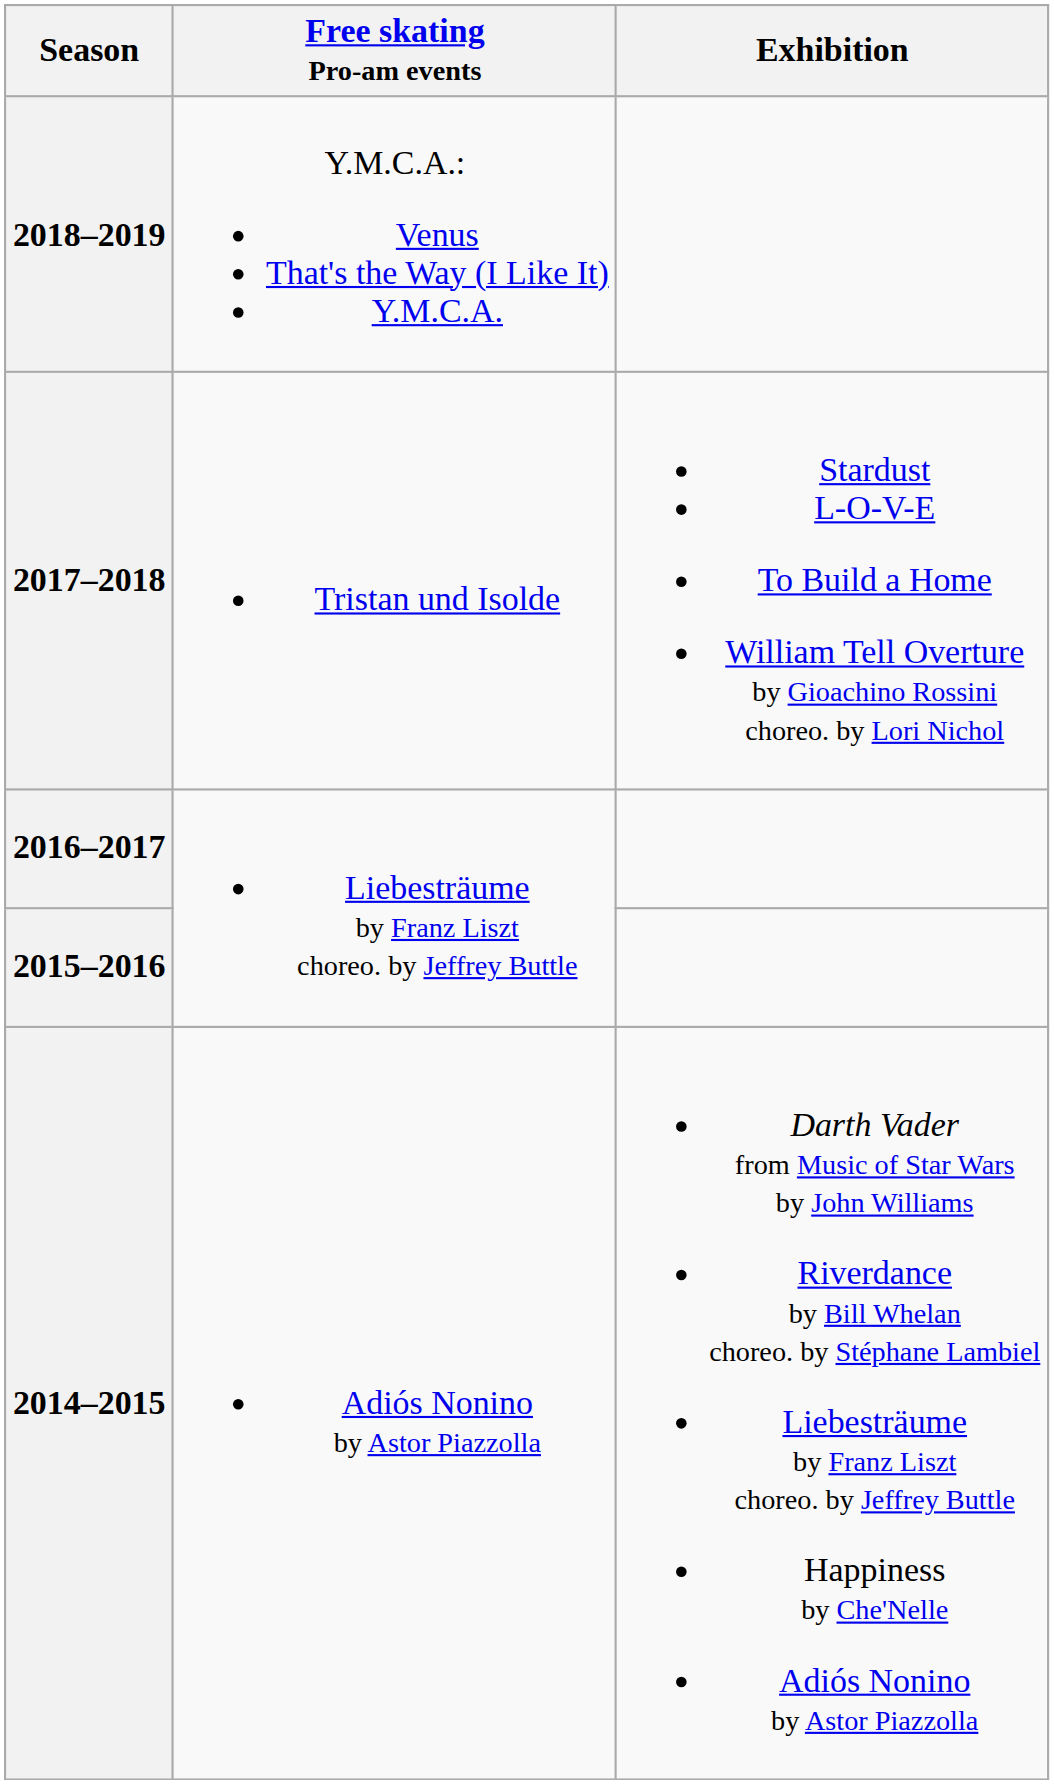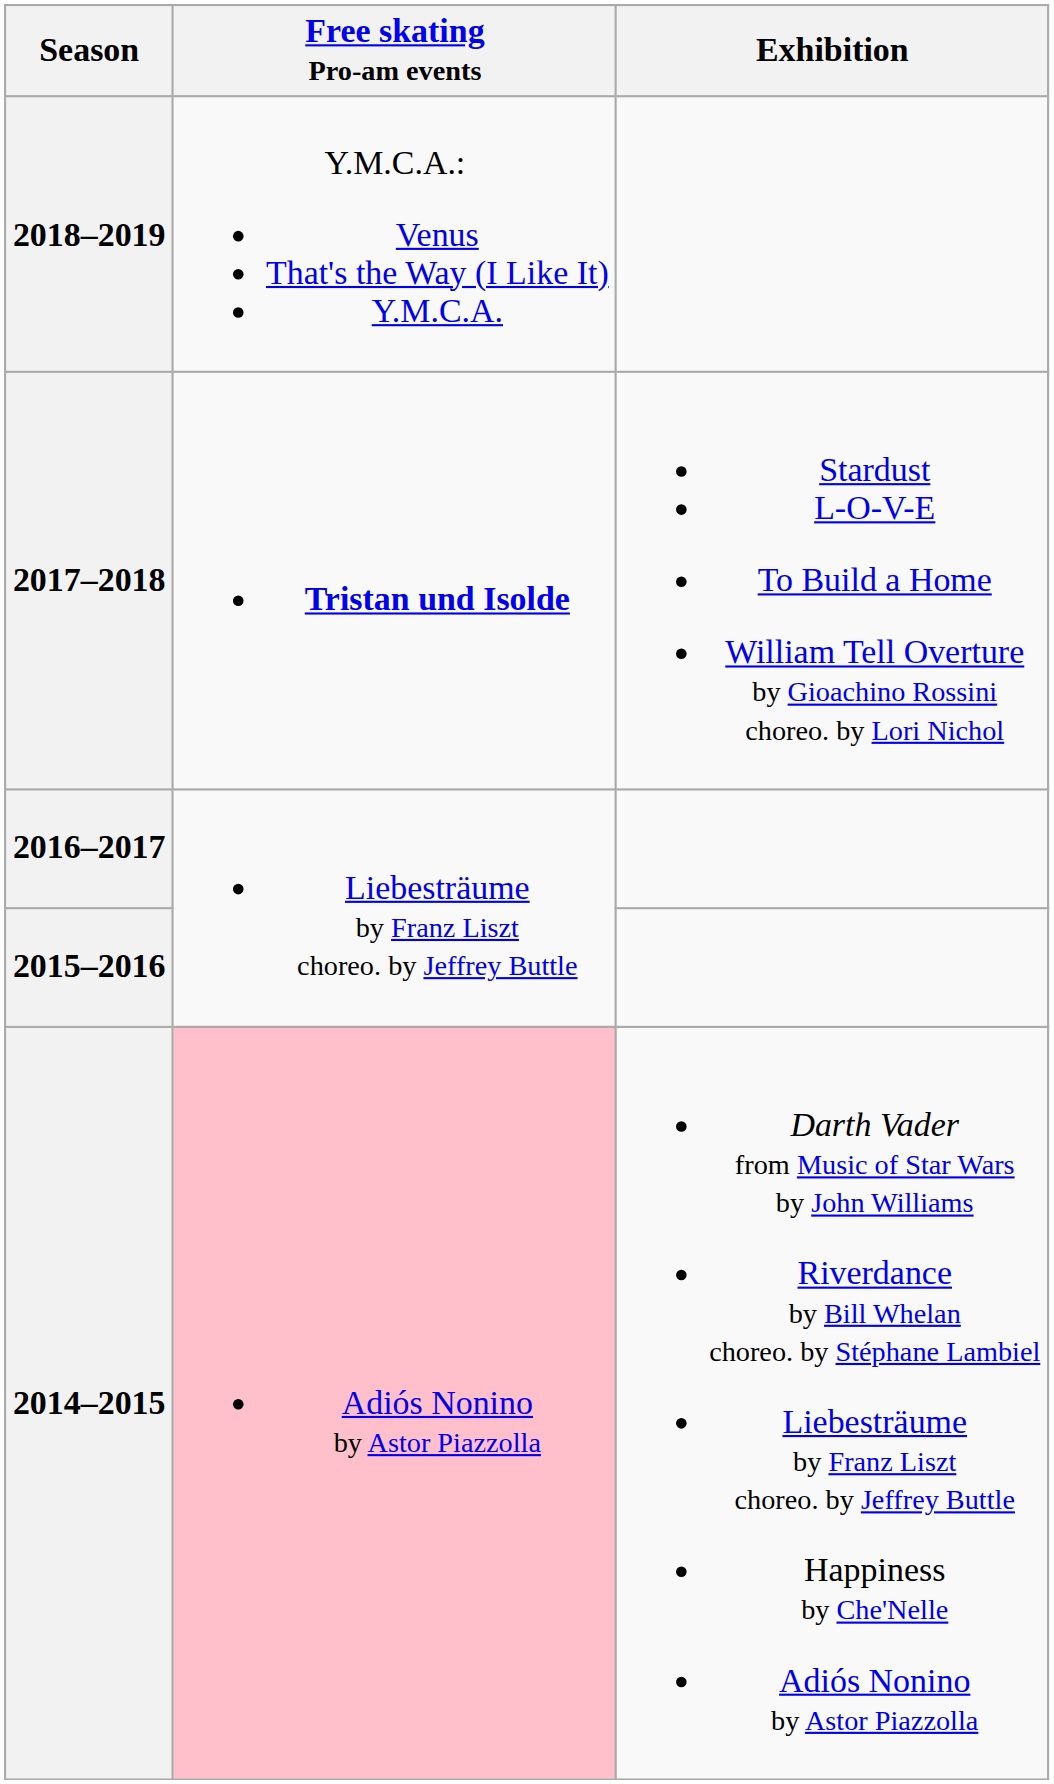 <table class="wikitable" style="text-align:center">
 <tr>
 <th>Season</th>
 <th><a href='#'>Free skating</a> <br><small>Pro-am events</small></th>
 <th>Exhibition</th>
 </tr>
 <tr>
 <th>2018–2019 <br> </th>
 <td><br>Y.M.C.A.:<ul><li><a href='#'>Venus</a> <br> </li><li><a href='#'>That's the Way (I Like It)</a> <br> </li><li><a href='#'>Y.M.C.A.</a> <br> </li></ul></td>
 <td></td>
 </tr>
 <tr>
 <th>2017–2018 <br> </th>
-<td><br><ul><li><a href='#'>Tristan und Isolde</a> <br> </li></ul></td>
+<td><strong><br><ul><li><a href='#'>Tristan und Isolde</a> <br> </li></ul></strong></td>
 <td><br><ul><li><a href='#'>Stardust</a></li><li><a href='#'>L-O-V-E</a> <br> </li></ul><ul><li><a href='#'>To Build a Home</a> <br> </li></ul><ul><li><a href='#'>William Tell Overture</a> <br><small> by <a href='#'>Gioachino Rossini</a> <br>choreo. by <a href='#'>Lori Nichol</a> </small></li></ul></td>
 </tr>
 <tr>
 <th>2016–2017 <br> </th>
 <td rowspan=2><br><ul><li><a href='#'>Liebesträume</a> <br> <small> by <a href='#'>Franz Liszt</a> <br> choreo. by <a href='#'>Jeffrey Buttle</a> </small></li></ul></td>
 <td></td>
 </tr>
 <tr>
 <th>2015–2016 <br> </th>
 <td></td>
 </tr>
 <tr>
 <th>2014–2015 <br> </th>
-<td><br><ul><li><a href='#'>Adiós Nonino</a> <br> <small>by <a href='#'>Astor Piazzolla</a></small></li></ul></td>
+<td style="background: pink;"><br><ul><li><a href='#'>Adiós Nonino</a> <br> <small>by <a href='#'>Astor Piazzolla</a></small></li></ul></td>
 <td><br><ul><li><em>Darth Vader</em>  <br> <small> from <a href='#'>Music of Star Wars</a> <br> by <a href='#'>John Williams</a> </small></li></ul><ul><li><a href='#'>Riverdance</a> <br> <small> by <a href='#'>Bill Whelan</a> <br> choreo. by <a href='#'>Stéphane Lambiel</a></small></li></ul><ul><li><a href='#'>Liebesträume</a> <br> <small> by <a href='#'>Franz Liszt</a> <br> choreo. by <a href='#'>Jeffrey Buttle</a> </small></li></ul><ul><li>Happiness  <br> <small> by <a href='#'>Che'Nelle</a> </small></li></ul><ul><li><a href='#'>Adiós Nonino</a> <br> <small>by <a href='#'>Astor Piazzolla</a></small></li></ul></td>
 </tr>
 </table>
